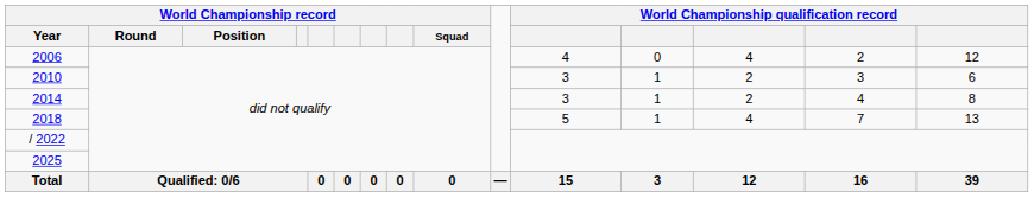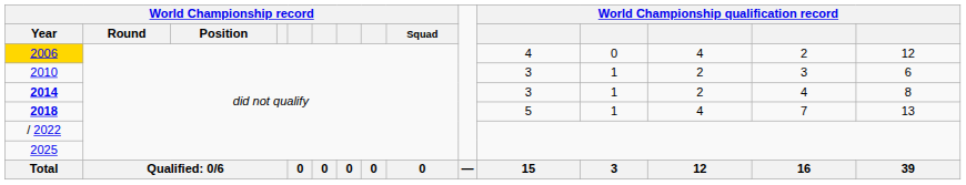 <table class="wikitable" style="text-align: center;">
 <tr>
 <th colspan=9><a href='#'>World Championship record</a></th>
 <td width=1% rowspan=8></td>
 <th colspan=5><a href='#'>World Championship qualification record</a></th>
 </tr>
 <tr>
 <th>Year</th>
 <th>Round</th>
 <th>Position</th>
 <th></th>
 <th></th>
 <th></th>
 <th></th>
 <th></th>
 <th><small>Squad</small></th>
 <th></th>
 <th></th>
 <th></th>
 <th></th>
 <th></th>
 </tr>
 <tr>
-<td> <a href='#'>2006</a></td>
+<td style="background: gold;"> <a href='#'>2006</a></td>
 <td colspan="8" rowspan="6"><em>did not qualify</em></td>
 <td>4</td>
 <td>0</td>
 <td>4</td>
 <td>2</td>
 <td>12</td>
 </tr>
 <tr>
 <td> <a href='#'>2010</a></td>
 <td>3</td>
 <td>1</td>
 <td>2</td>
 <td>3</td>
 <td>6</td>
 </tr>
 <tr>
-<td> <a href='#'>2014</a></td>
+<td><strong> <a href='#'>2014</a></strong></td>
 <td>3</td>
 <td>1</td>
 <td>2</td>
 <td>4</td>
 <td>8</td>
 </tr>
 <tr>
-<td> <a href='#'>2018</a></td>
+<td><strong> <a href='#'>2018</a></strong></td>
 <td>5</td>
 <td>1</td>
 <td>4</td>
 <td>7</td>
 <td>13</td>
 </tr>
 <tr>
 <td>/ <a href='#'>2022</a></td>
 </tr>
 <tr>
 <td> <a href='#'>2025</a></td>
 </tr>
 <tr>
 <th>Total</th>
 <th colspan="3">Qualified: 0/6</th>
 <th>0</th>
 <th>0</th>
 <th>0</th>
 <th>0</th>
 <th>0</th>
 <th>—</th>
 <th>15</th>
 <th>3</th>
 <th>12</th>
 <th>16</th>
 <th>39</th>
 </tr>
 </table>
